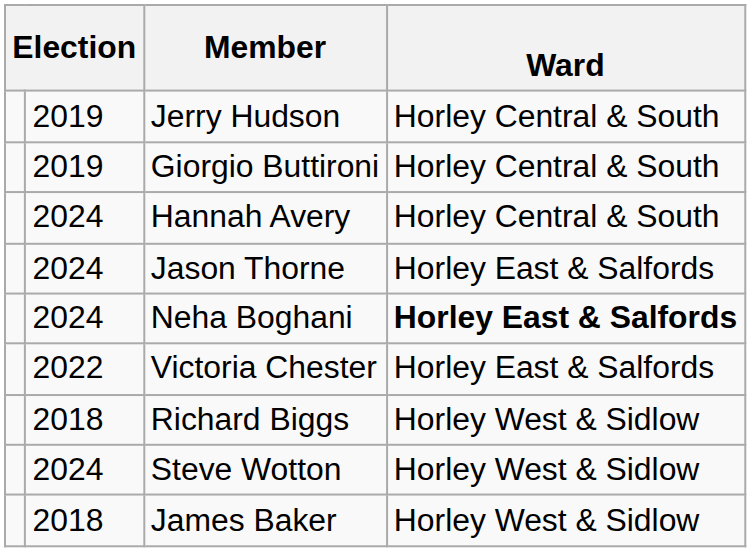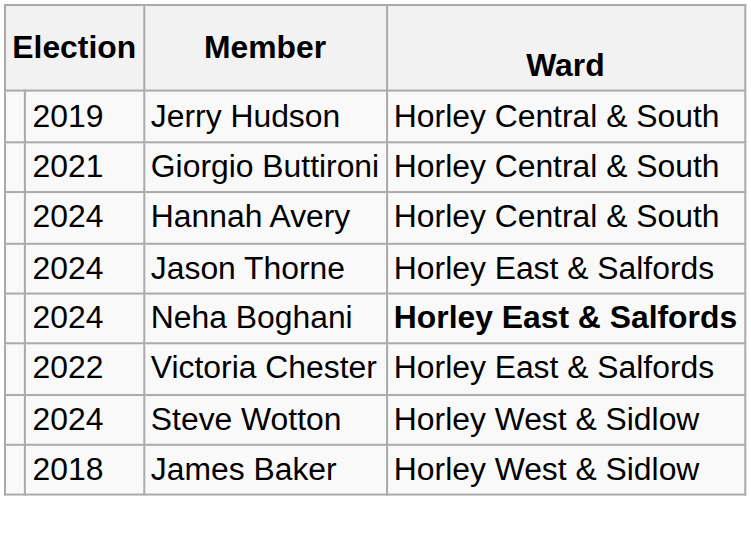 <table class="wikitable">
 <tr>
 <th colspan="2">Election</th>
 <th>Member</th>
 <th><br>Ward</th>
 </tr>
 <tr>
 <td style="background-color: "></td>
 <td>2019</td>
 <td>Jerry Hudson</td>
 <td>Horley Central & South</td>
 </tr>
 <tr>
 <td style="background-color: "></td>
-<td>2019</td>
+<td>2021</td>
 <td>Giorgio Buttironi</td>
 <td>Horley Central & South</td>
 </tr>
 <tr>
 <td style="background-color: "></td>
 <td>2024</td>
 <td>Hannah Avery</td>
 <td>Horley Central & South</td>
 </tr>
 <tr>
 <td style="background-color: "></td>
 <td>2024</td>
 <td>Jason Thorne</td>
 <td>Horley East & Salfords</td>
 </tr>
 <tr>
 <td style="background-color: "></td>
 <td>2024</td>
 <td>Neha Boghani</td>
 <td><strong>Horley East & Salfords</strong></td>
 </tr>
 <tr>
 <td style="background-color: "></td>
 <td>2022</td>
 <td>Victoria Chester</td>
 <td>Horley East & Salfords</td>
 </tr>
 <tr>
 <td style="background-color: "></td>
-<td>2018</td>
-<td>Richard Biggs</td>
-<td>Horley West & Sidlow</td>
-</tr>
-<tr>
-<td style="background-color: "></td>
 <td>2024</td>
 <td>Steve Wotton</td>
 <td>Horley West & Sidlow</td>
 </tr>
 <tr>
 <td style="background-color: "></td>
 <td>2018</td>
 <td>James Baker</td>
 <td>Horley West & Sidlow</td>
 </tr>
 </table>
